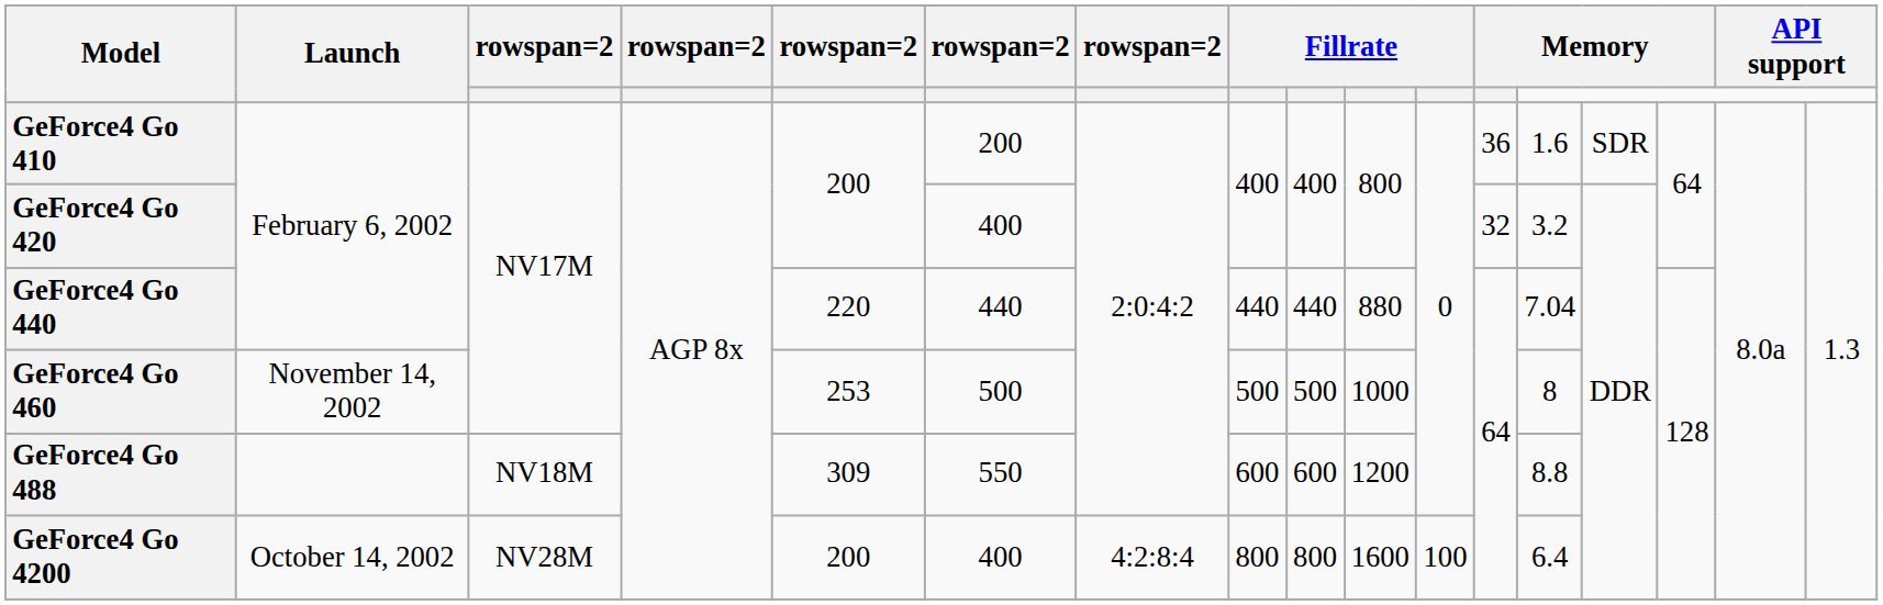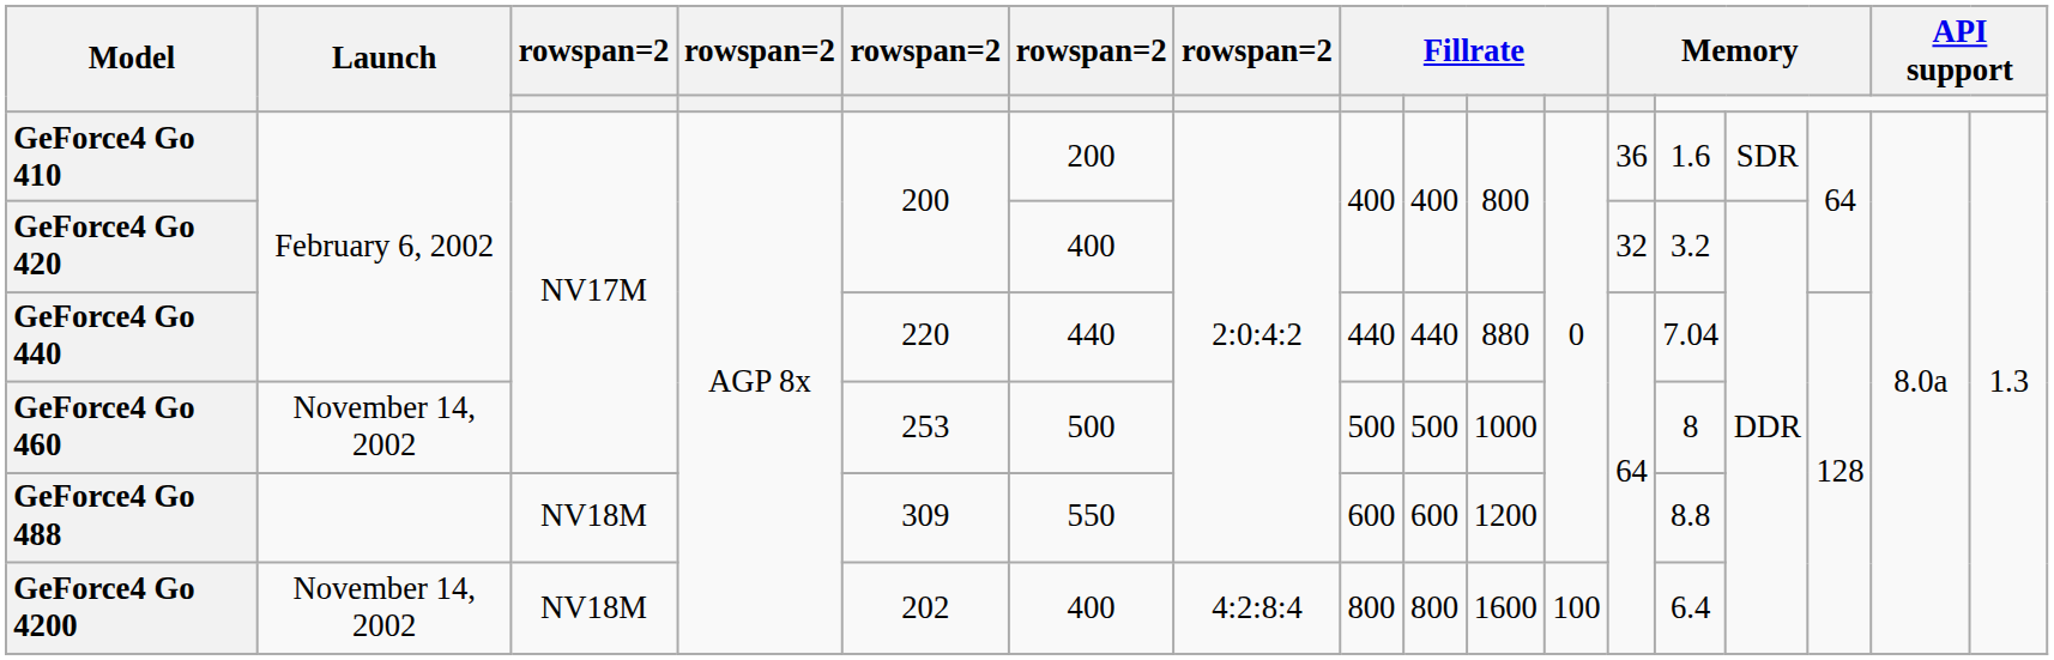 <table class="mw-datatable wikitable sortable" style="font-size:85%; text-align:center;">
 <tr>
 <th rowspan=2>Model</th>
 <th rowspan=2>Launch</th>
 <th>rowspan=2 </th>
 <th>rowspan=2 </th>
 <th>rowspan=2 </th>
 <th>rowspan=2 </th>
 <th>rowspan=2 </th>
 <th colspan=4><a href='#'>Fillrate</a></th>
 <th colspan=4>Memory</th>
 <th colspan=2><a href='#'>API</a> support</th>
 </tr>
 <tr>
 <th></th>
 <th></th>
 <th></th>
 <th></th>
 <th></th>
 <th></th>
 <th></th>
 <th></th>
 <th></th>
 <th></th>
 </tr>
 <tr>
 <th style="text-align:left">GeForce4 Go 410</th>
 <td rowspan="3">February 6, 2002</td>
 <td rowspan="4">NV17M</td>
 <td rowspan="6">AGP 8x</td>
 <td rowspan="2">200</td>
 <td>200</td>
 <td rowspan="5">2:0:4:2</td>
 <td rowspan="2">400</td>
 <td rowspan="2">400</td>
 <td rowspan="2">800</td>
 <td rowspan="5">0</td>
 <td>36</td>
 <td>1.6</td>
 <td>SDR</td>
 <td rowspan="2">64</td>
 <td rowspan="6">8.0a</td>
 <td rowspan="6">1.3</td>
 </tr>
 <tr>
 <th style="text-align:left">GeForce4 Go 420</th>
 <td>400</td>
 <td>32</td>
 <td>3.2</td>
 <td rowspan="5">DDR</td>
 </tr>
 <tr>
 <th style="text-align:left">GeForce4 Go 440</th>
 <td>220</td>
 <td>440</td>
 <td>440</td>
 <td>440</td>
 <td>880</td>
 <td rowspan="4">64</td>
 <td>7.04</td>
 <td rowspan="4">128</td>
 </tr>
 <tr>
 <th style="text-align:left">GeForce4 Go 460</th>
 <td>November 14, 2002</td>
 <td>253</td>
 <td>500</td>
 <td>500</td>
 <td>500</td>
 <td>1000</td>
 <td>8</td>
 </tr>
 <tr>
 <th style="text-align:left">GeForce4 Go 488</th>
 <td></td>
 <td>NV18M</td>
 <td>309</td>
 <td>550</td>
 <td>600</td>
 <td>600</td>
 <td>1200</td>
 <td>8.8</td>
 </tr>
 <tr>
 <th style="text-align:left">GeForce4 Go 4200</th>
-<td>October 14, 2002</td>
-<td>NV28M</td>
-<td>200</td>
+<td>November 14, 2002</td>
+<td>NV18M</td>
+<td>202</td>
 <td>400</td>
 <td>4:2:8:4</td>
 <td>800</td>
 <td>800</td>
 <td>1600</td>
 <td>100</td>
 <td>6.4</td>
 </tr>
 </table>
